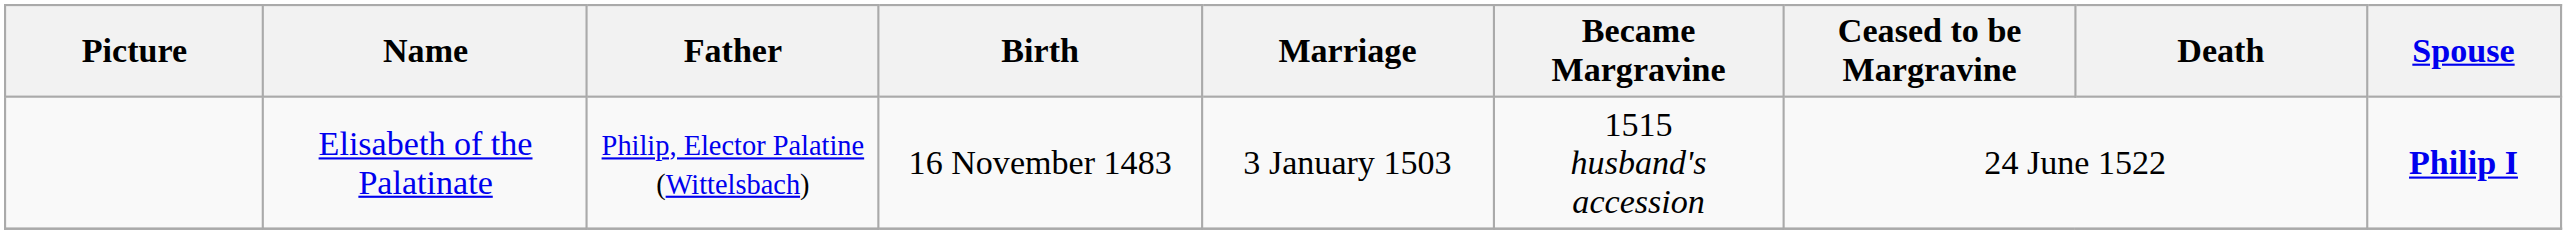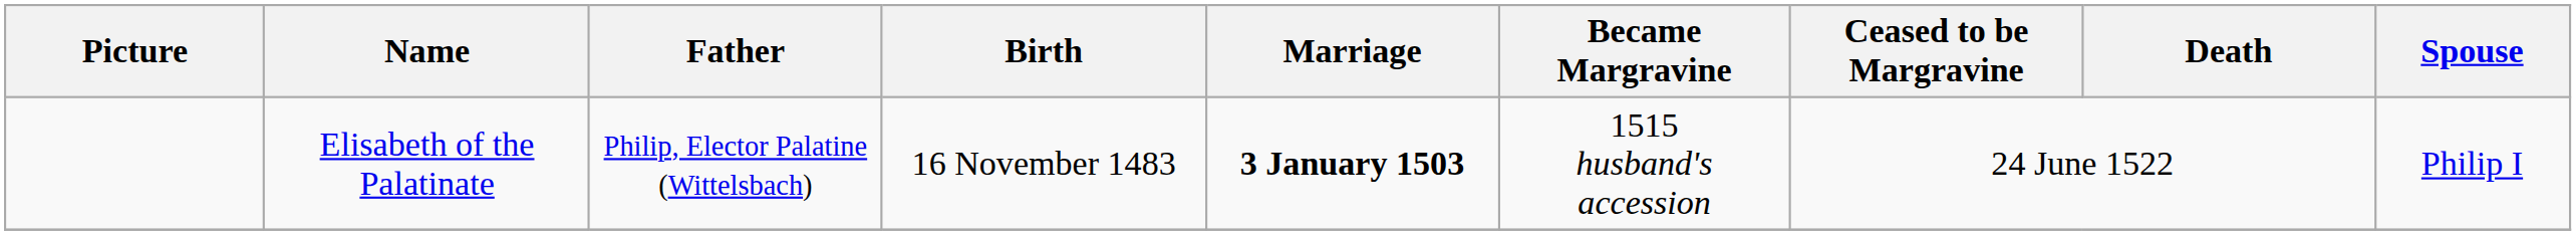 <table width=95% class="wikitable">
 <tr>
 <th width = "8%">Picture</th>
 <th width = "10%">Name</th>
 <th width = "9%">Father</th>
 <th width = "10%">Birth</th>
 <th width = "9%">Marriage</th>
 <th width = "9%">Became Margravine</th>
 <th width = "9%">Ceased to be Margravine</th>
 <th width = "9%">Death</th>
 <th width = "6%"><a href='#'>Spouse</a></th>
 </tr>
 <tr>
 <td align="center"></td>
 <td align="center"><a href='#'>Elisabeth of the Palatinate</a></td>
 <td align="center"><small><a href='#'>Philip, Elector Palatine</a><br>(<a href='#'>Wittelsbach</a>)</small></td>
 <td align="center">16 November 1483</td>
-<td align="center">3 January 1503</td>
+<td align="center"><strong>3 January 1503</strong></td>
 <td align="center">1515<br><em>husband's accession</em></td>
 <td align="center" colspan="2">24 June 1522</td>
-<td align="center"><strong><a href='#'>Philip I</a></strong></td>
+<td align="center"><a href='#'>Philip I</a></td>
 </tr>
 <tr>
 </tr>
 </table>
